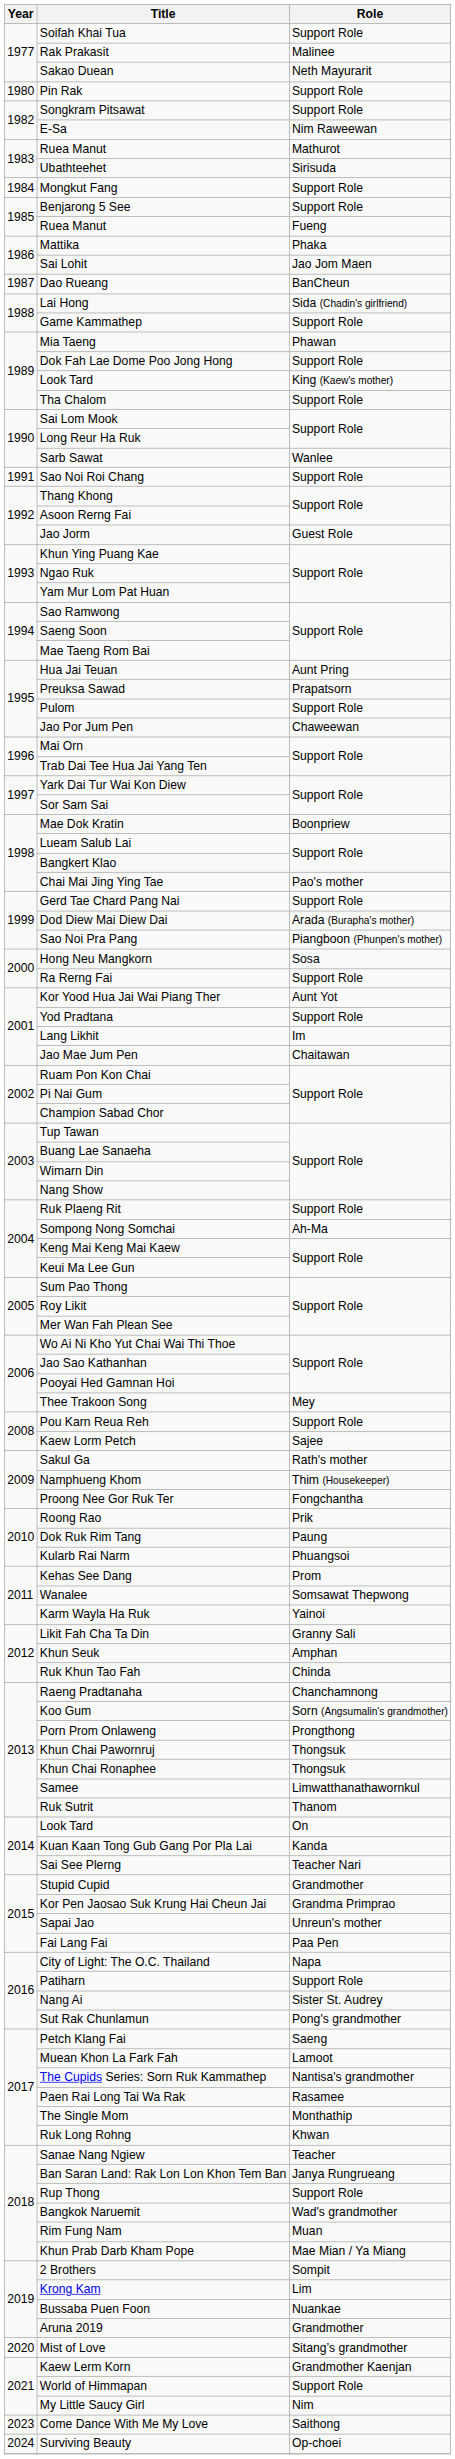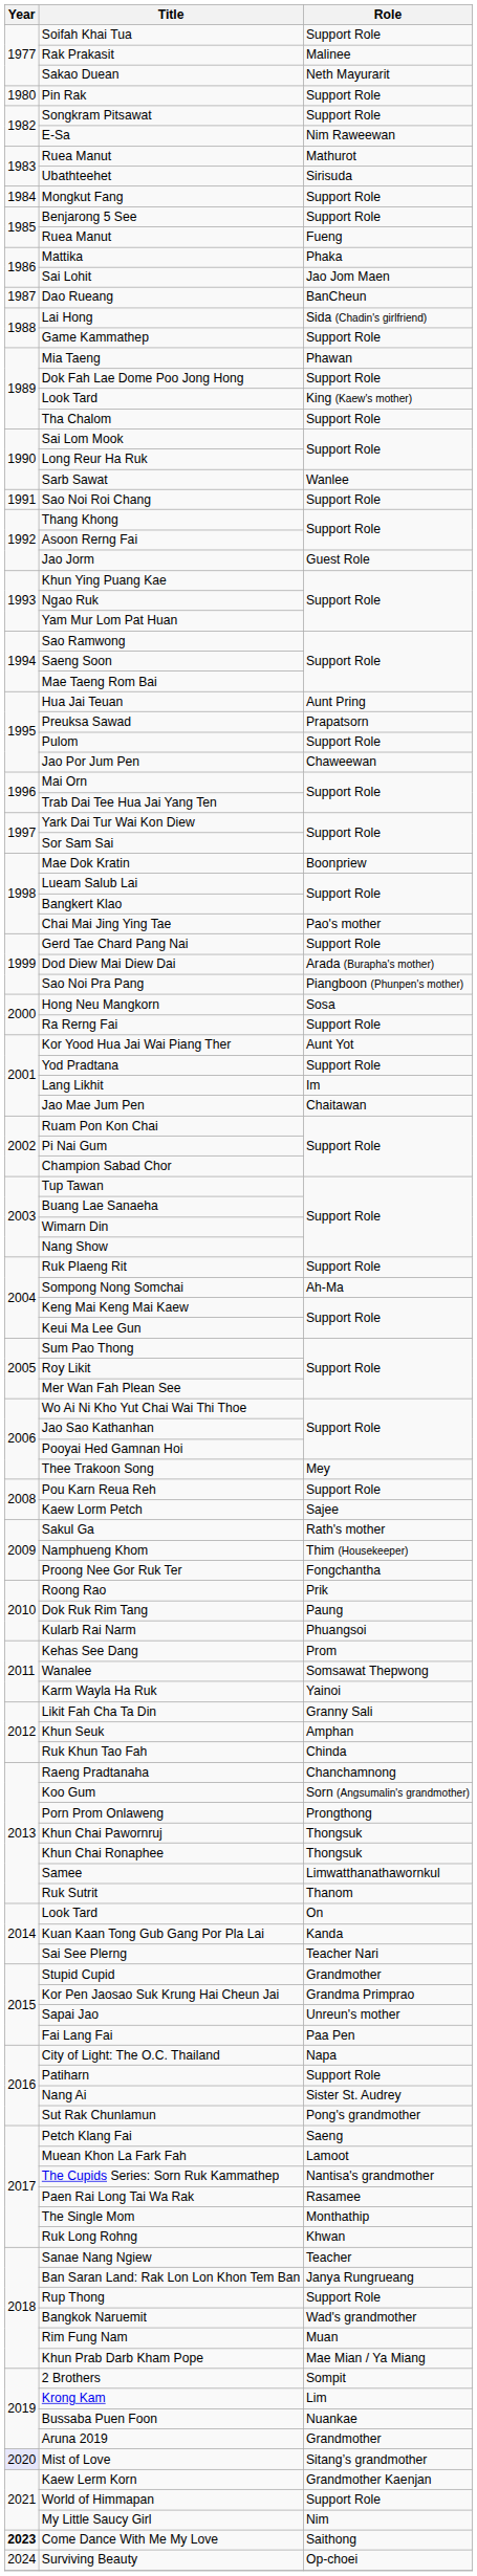 <table class="wikitable">
 <tr>
 <th>Year</th>
 <th>Title</th>
 <th>Role</th>
 </tr>
 <tr>
 <td rowspan="3">1977</td>
 <td>Soifah Khai Tua</td>
 <td>Support Role</td>
 </tr>
 <tr>
 <td>Rak Prakasit</td>
 <td>Malinee</td>
 </tr>
 <tr>
 <td>Sakao Duean</td>
 <td>Neth Mayurarit</td>
 </tr>
 <tr>
 <td>1980</td>
 <td>Pin Rak</td>
 <td>Support Role</td>
 </tr>
 <tr>
 <td rowspan="2">1982</td>
 <td>Songkram Pitsawat</td>
 <td>Support Role</td>
 </tr>
 <tr>
 <td>E-Sa</td>
 <td>Nim Raweewan</td>
 </tr>
 <tr>
 <td rowspan="2">1983</td>
 <td>Ruea Manut</td>
 <td>Mathurot</td>
 </tr>
 <tr>
 <td>Ubathteehet</td>
 <td>Sirisuda</td>
 </tr>
 <tr>
 <td>1984</td>
 <td>Mongkut Fang</td>
 <td>Support Role</td>
 </tr>
 <tr>
 <td rowspan="2">1985</td>
 <td>Benjarong 5 See</td>
 <td>Support Role</td>
 </tr>
 <tr>
 <td>Ruea Manut</td>
 <td>Fueng</td>
 </tr>
 <tr>
 <td rowspan="2">1986</td>
 <td>Mattika</td>
 <td>Phaka</td>
 </tr>
 <tr>
 <td>Sai Lohit</td>
 <td>Jao Jom Maen</td>
 </tr>
 <tr>
 <td>1987</td>
 <td>Dao Rueang</td>
 <td>BanCheun</td>
 </tr>
 <tr>
 <td rowspan="2">1988</td>
 <td>Lai Hong</td>
 <td>Sida <small>(Chadin's girlfriend)</small></td>
 </tr>
 <tr>
 <td>Game Kammathep</td>
 <td>Support Role</td>
 </tr>
 <tr>
 <td rowspan="4">1989</td>
 <td>Mia Taeng</td>
 <td>Phawan</td>
 </tr>
 <tr>
 <td>Dok Fah Lae Dome Poo Jong Hong</td>
 <td>Support Role</td>
 </tr>
 <tr>
 <td>Look Tard</td>
 <td>King <small>(Kaew's mother)</small></td>
 </tr>
 <tr>
 <td>Tha Chalom</td>
 <td>Support Role</td>
 </tr>
 <tr>
 <td rowspan="3">1990</td>
 <td>Sai Lom Mook</td>
 <td rowspan="2">Support Role</td>
 </tr>
 <tr>
 <td>Long Reur Ha Ruk</td>
 </tr>
 <tr>
 <td>Sarb Sawat</td>
 <td>Wanlee</td>
 </tr>
 <tr>
 <td>1991</td>
 <td>Sao Noi Roi Chang</td>
 <td>Support Role</td>
 </tr>
 <tr>
 <td rowspan="3">1992</td>
 <td>Thang Khong</td>
 <td rowspan="2">Support Role</td>
 </tr>
 <tr>
 <td>Asoon Rerng Fai</td>
 </tr>
 <tr>
 <td>Jao Jorm</td>
 <td>Guest Role</td>
 </tr>
 <tr>
 <td rowspan="3">1993</td>
 <td>Khun Ying Puang Kae</td>
 <td rowspan="3">Support Role</td>
 </tr>
 <tr>
 <td>Ngao Ruk</td>
 </tr>
 <tr>
 <td>Yam Mur Lom Pat Huan</td>
 </tr>
 <tr>
 <td rowspan="3">1994</td>
 <td>Sao Ramwong</td>
 <td rowspan="3">Support Role</td>
 </tr>
 <tr>
 <td>Saeng Soon</td>
 </tr>
 <tr>
 <td>Mae Taeng Rom Bai</td>
 </tr>
 <tr>
 <td rowspan="4">1995</td>
 <td>Hua Jai Teuan</td>
 <td>Aunt Pring</td>
 </tr>
 <tr>
 <td>Preuksa Sawad</td>
 <td>Prapatsorn</td>
 </tr>
 <tr>
 <td>Pulom</td>
 <td>Support Role</td>
 </tr>
 <tr>
 <td>Jao Por Jum Pen</td>
 <td>Chaweewan</td>
 </tr>
 <tr>
 <td rowspan="2">1996</td>
 <td>Mai Orn</td>
 <td rowspan="2">Support Role</td>
 </tr>
 <tr>
 <td>Trab Dai Tee Hua Jai Yang Ten</td>
 </tr>
 <tr>
 <td rowspan="2">1997</td>
 <td>Yark Dai Tur Wai Kon Diew</td>
 <td rowspan="2">Support Role</td>
 </tr>
 <tr>
 <td>Sor Sam Sai</td>
 </tr>
 <tr>
 <td rowspan="4">1998</td>
 <td>Mae Dok Kratin</td>
 <td>Boonpriew</td>
 </tr>
 <tr>
 <td>Lueam Salub Lai</td>
 <td rowspan="2">Support Role</td>
 </tr>
 <tr>
 <td>Bangkert Klao</td>
 </tr>
 <tr>
 <td>Chai Mai Jing Ying Tae</td>
 <td>Pao's mother</td>
 </tr>
 <tr>
 <td rowspan="3">1999</td>
 <td>Gerd Tae Chard Pang Nai</td>
 <td>Support Role</td>
 </tr>
 <tr>
 <td>Dod Diew Mai Diew Dai</td>
 <td>Arada <small>(Burapha's mother)</small></td>
 </tr>
 <tr>
 <td>Sao Noi Pra Pang</td>
 <td>Piangboon <small>(Phunpen's mother)</small></td>
 </tr>
 <tr>
 <td rowspan="2">2000</td>
 <td>Hong Neu Mangkorn</td>
 <td>Sosa</td>
 </tr>
 <tr>
 <td>Ra Rerng Fai</td>
 <td>Support Role</td>
 </tr>
 <tr>
 <td rowspan="4">2001</td>
 <td>Kor Yood Hua Jai Wai Piang Ther</td>
 <td>Aunt Yot</td>
 </tr>
 <tr>
 <td>Yod Pradtana</td>
 <td>Support Role</td>
 </tr>
 <tr>
 <td>Lang Likhit</td>
 <td>Im</td>
 </tr>
 <tr>
 <td>Jao Mae Jum Pen</td>
 <td>Chaitawan</td>
 </tr>
 <tr>
 <td rowspan="3">2002</td>
 <td>Ruam Pon Kon Chai</td>
 <td rowspan="3">Support Role</td>
 </tr>
 <tr>
 <td>Pi Nai Gum</td>
 </tr>
 <tr>
 <td>Champion Sabad Chor</td>
 </tr>
 <tr>
 <td rowspan="4">2003</td>
 <td>Tup Tawan</td>
 <td rowspan="4">Support Role</td>
 </tr>
 <tr>
 <td>Buang Lae Sanaeha</td>
 </tr>
 <tr>
 <td>Wimarn Din</td>
 </tr>
 <tr>
 <td>Nang Show</td>
 </tr>
 <tr>
 <td rowspan="4">2004</td>
 <td>Ruk Plaeng Rit</td>
 <td>Support Role</td>
 </tr>
 <tr>
 <td>Sompong Nong Somchai</td>
 <td>Ah-Ma</td>
 </tr>
 <tr>
 <td>Keng Mai Keng Mai Kaew</td>
 <td rowspan="2">Support Role</td>
 </tr>
 <tr>
 <td>Keui Ma Lee Gun</td>
 </tr>
 <tr>
 <td rowspan="3">2005</td>
 <td>Sum Pao Thong</td>
 <td rowspan="3">Support Role</td>
 </tr>
 <tr>
 <td>Roy Likit</td>
 </tr>
 <tr>
 <td>Mer Wan Fah Plean See</td>
 </tr>
 <tr>
 <td rowspan="4">2006</td>
 <td>Wo Ai Ni Kho Yut Chai Wai Thi Thoe</td>
 <td rowspan="3">Support Role</td>
 </tr>
 <tr>
 <td>Jao Sao Kathanhan</td>
 </tr>
 <tr>
 <td>Pooyai Hed Gamnan Hoi</td>
 </tr>
 <tr>
 <td>Thee Trakoon Song</td>
 <td>Mey</td>
 </tr>
 <tr>
 <td rowspan="2">2008</td>
 <td>Pou Karn Reua Reh</td>
 <td>Support Role</td>
 </tr>
 <tr>
 <td>Kaew Lorm Petch</td>
 <td>Sajee</td>
 </tr>
 <tr>
 <td rowspan="3">2009</td>
 <td>Sakul Ga</td>
 <td>Rath's mother</td>
 </tr>
 <tr>
 <td>Namphueng Khom</td>
 <td>Thim <small>(Housekeeper)</small></td>
 </tr>
 <tr>
 <td>Proong Nee Gor Ruk Ter</td>
 <td>Fongchantha</td>
 </tr>
 <tr>
 <td rowspan="3">2010</td>
 <td>Roong Rao</td>
 <td>Prik</td>
 </tr>
 <tr>
 <td>Dok Ruk Rim Tang</td>
 <td>Paung</td>
 </tr>
 <tr>
 <td>Kularb Rai Narm</td>
 <td>Phuangsoi</td>
 </tr>
 <tr>
 <td rowspan="3">2011</td>
 <td>Kehas See Dang</td>
 <td>Prom</td>
 </tr>
 <tr>
 <td>Wanalee</td>
 <td>Somsawat Thepwong</td>
 </tr>
 <tr>
 <td>Karm Wayla Ha Ruk</td>
 <td>Yainoi</td>
 </tr>
 <tr>
 <td rowspan="3">2012</td>
 <td>Likit Fah Cha Ta Din</td>
 <td>Granny Sali</td>
 </tr>
 <tr>
 <td>Khun Seuk</td>
 <td>Amphan</td>
 </tr>
 <tr>
 <td>Ruk Khun Tao Fah</td>
 <td>Chinda</td>
 </tr>
 <tr>
 <td rowspan="7">2013</td>
 <td>Raeng Pradtanaha</td>
 <td>Chanchamnong</td>
 </tr>
 <tr>
 <td>Koo Gum</td>
 <td>Sorn <small>(Angsumalin's grandmother)</small></td>
 </tr>
 <tr>
 <td>Porn Prom Onlaweng</td>
 <td>Prongthong</td>
 </tr>
 <tr>
 <td>Khun Chai Pawornruj</td>
 <td>Thongsuk</td>
 </tr>
 <tr>
 <td>Khun Chai Ronaphee</td>
 <td>Thongsuk</td>
 </tr>
 <tr>
 <td>Samee</td>
 <td>Limwatthanathawornkul</td>
 </tr>
 <tr>
 <td>Ruk Sutrit</td>
 <td>Thanom</td>
 </tr>
 <tr>
 <td rowspan="3">2014</td>
 <td>Look Tard</td>
 <td>On</td>
 </tr>
 <tr>
 <td>Kuan Kaan Tong Gub Gang Por Pla Lai</td>
 <td>Kanda</td>
 </tr>
 <tr>
 <td>Sai See Plerng</td>
 <td>Teacher Nari</td>
 </tr>
 <tr>
 <td rowspan="4">2015</td>
 <td>Stupid Cupid</td>
 <td>Grandmother</td>
 </tr>
 <tr>
 <td>Kor Pen Jaosao Suk Krung Hai Cheun Jai</td>
 <td>Grandma Primprao</td>
 </tr>
 <tr>
 <td>Sapai Jao</td>
 <td>Unreun's mother</td>
 </tr>
 <tr>
 <td>Fai Lang Fai</td>
 <td>Paa Pen</td>
 </tr>
 <tr>
 <td rowspan="4">2016</td>
 <td>City of Light: The O.C. Thailand</td>
 <td>Napa</td>
 </tr>
 <tr>
 <td>Patiharn</td>
 <td>Support Role</td>
 </tr>
 <tr>
 <td>Nang Ai</td>
 <td>Sister St. Audrey</td>
 </tr>
 <tr>
 <td>Sut Rak Chunlamun</td>
 <td>Pong's grandmother</td>
 </tr>
 <tr>
 <td rowspan="6">2017</td>
 <td>Petch Klang Fai</td>
 <td>Saeng</td>
 </tr>
 <tr>
 <td>Muean Khon La Fark Fah</td>
 <td>Lamoot</td>
 </tr>
 <tr>
 <td><a href='#'>The Cupids</a> Series: Sorn Ruk Kammathep</td>
 <td>Nantisa's grandmother</td>
 </tr>
 <tr>
 <td>Paen Rai Long Tai Wa Rak</td>
 <td>Rasamee</td>
 </tr>
 <tr>
 <td>The Single Mom</td>
 <td>Monthathip</td>
 </tr>
 <tr>
 <td>Ruk Long Rohng</td>
 <td>Khwan</td>
 </tr>
 <tr>
 <td rowspan="6">2018</td>
 <td>Sanae Nang Ngiew</td>
 <td>Teacher</td>
 </tr>
 <tr>
 <td>Ban Saran Land: Rak Lon Lon Khon Tem Ban</td>
 <td>Janya Rungrueang</td>
 </tr>
 <tr>
 <td>Rup Thong</td>
 <td>Support Role</td>
 </tr>
 <tr>
 <td>Bangkok Naruemit</td>
 <td>Wad's grandmother</td>
 </tr>
 <tr>
 <td>Rim Fung Nam</td>
 <td>Muan</td>
 </tr>
 <tr>
 <td>Khun Prab Darb Kham Pope</td>
 <td>Mae Mian / Ya Miang</td>
 </tr>
 <tr>
 <td rowspan="4">2019</td>
 <td>2 Brothers</td>
 <td>Sompit</td>
 </tr>
 <tr>
 <td><a href='#'>Krong Kam</a></td>
 <td>Lim</td>
 </tr>
 <tr>
 <td>Bussaba Puen Foon</td>
 <td>Nuankae</td>
 </tr>
 <tr>
 <td>Aruna 2019</td>
 <td>Grandmother</td>
 </tr>
 <tr>
-<td>2020</td>
+<td style="background: lavender;">2020</td>
 <td>Mist of Love</td>
 <td>Sitang’s grandmother</td>
 </tr>
 <tr>
 <td rowspan="3">2021</td>
 <td>Kaew Lerm Korn</td>
 <td>Grandmother Kaenjan</td>
 </tr>
 <tr>
 <td>World of Himmapan</td>
 <td>Support Role</td>
 </tr>
 <tr>
 <td>My Little Saucy Girl</td>
 <td>Nim</td>
 </tr>
 <tr>
-<td>2023</td>
+<td><strong>2023</strong></td>
 <td>Come Dance With Me My Love</td>
 <td>Saithong</td>
 </tr>
 <tr>
 <td>2024</td>
 <td>Surviving Beauty</td>
 <td>Op-choei</td>
 </tr>
 <tr>
 </tr>
 </table>
